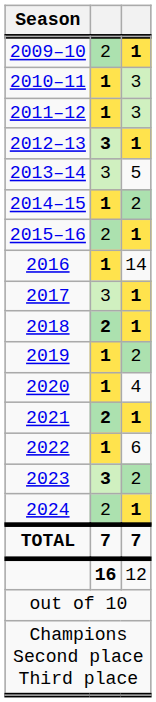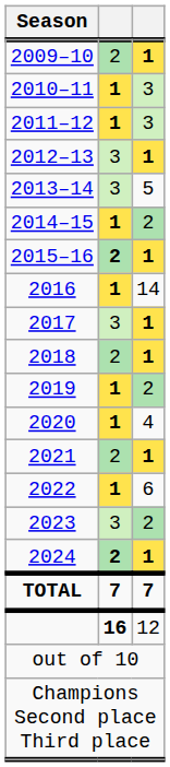 <table class="wikitable sortable" style="text-align:center; font-size:90%; float:right; margin-left:1em">
 <tr>
 <th>Season</th>
 <th></th>
 <th></th>
 </tr>
 <tr style="border-top:3px solid black">
 </tr>
 <tr>
 <td><a href='#'>2009–10</a></td>
 <td style="background: #ACE1AF;">2</td>
 <td style="background: #FFE34D;"><strong>1</strong></td>
 </tr>
 <tr>
 <td><a href='#'>2010–11</a></td>
 <td style="background: #FFE34D;"><strong>1</strong></td>
 <td style="background: #D0F0C0;">3</td>
 </tr>
 <tr>
 <td><a href='#'>2011–12</a></td>
 <td style="background: #FFE34D;"><strong>1</strong></td>
 <td style="background: #D0F0C0;">3</td>
 </tr>
 <tr>
 <td><a href='#'>2012–13</a></td>
-<td style="background: #D0F0C0;"><strong>3</strong></td>
+<td style="background: #D0F0C0;">3</td>
 <td style="background: #FFE34D;"><strong>1</strong></td>
 </tr>
 <tr>
 <td><a href='#'>2013–14</a></td>
 <td style="background: #D0F0C0;">3</td>
 <td>5</td>
 </tr>
 <tr>
 <td><a href='#'>2014–15</a></td>
 <td style="background: #FFE34D;"><strong>1</strong></td>
 <td style="background: #ACE1AF;">2</td>
 </tr>
 <tr>
 <td><a href='#'>2015–16</a></td>
-<td style="background: #ACE1AF;">2</td>
+<td style="background: #ACE1AF;"><strong>2</strong></td>
 <td style="background: #FFE34D;"><strong>1</strong></td>
 </tr>
 <tr>
 <td><a href='#'>2016</a></td>
 <td style="background: #FFE34D;"><strong>1</strong></td>
 <td>14</td>
 </tr>
 <tr>
 <td><a href='#'>2017</a></td>
 <td style="background: #D0F0C0;">3</td>
 <td style="background: #FFE34D;"><strong>1</strong></td>
 </tr>
 <tr>
 <td><a href='#'>2018</a></td>
-<td style="background: #ACE1AF;"><strong>2</strong></td>
+<td style="background: #ACE1AF;">2</td>
 <td style="background: #FFE34D;"><strong>1</strong></td>
 </tr>
 <tr>
 <td><a href='#'>2019</a></td>
 <td style="background: #FFE34D;"><strong>1</strong></td>
 <td style="background: #ACE1AF;">2</td>
 </tr>
 <tr>
 <td><a href='#'>2020</a></td>
 <td style="background: #FFE34D;"><strong>1</strong></td>
 <td>4</td>
 </tr>
 <tr>
 <td><a href='#'>2021</a></td>
-<td style="background: #ACE1AF;"><strong>2</strong></td>
+<td style="background: #ACE1AF;">2</td>
 <td style="background: #FFE34D;"><strong>1</strong></td>
 </tr>
 <tr>
 <td><a href='#'>2022</a></td>
 <td style="background: #FFE34D;"><strong>1</strong></td>
 <td>6</td>
 </tr>
 <tr>
 <td><a href='#'>2023</a></td>
-<td style="background: #D0F0C0;"><strong>3</strong></td>
+<td style="background: #D0F0C0;">3</td>
 <td style="background: #ACE1AF;">2</td>
 </tr>
 <tr>
 <td><a href='#'>2024</a></td>
-<td style="background: #ACE1AF;">2</td>
+<td style="background: #ACE1AF;"><strong>2</strong></td>
 <td style="background: #FFE34D;"><strong>1</strong></td>
 </tr>
 <tr>
 </tr>
 <tr style="border-top:3px solid black" class="sortbottom">
 <td><strong>TOTAL</strong></td>
 <td><strong>7</strong></td>
 <td><strong>7</strong></td>
 </tr>
 <tr style="border-top:3px solid black" class="sortbottom">
 <td><strong></strong></td>
 <td><strong>16</strong></td>
 <td>12</td>
 </tr>
 <tr class="sortbottom">
 <td colspan="4">out of 10</td>
 </tr>
 <tr class="sortbottom">
 <td colspan="4"> Champions<br> Second place<br> Third place</td>
 </tr>
 <tr style="border-top:3px solid black" class="sortbottom">
 </tr>
 </table>
